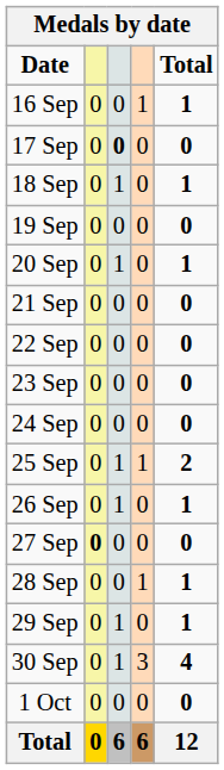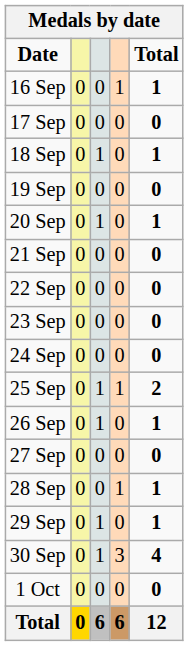 <table class="wikitable" style="font-size:85%; float:right">
 <tr bgcolor="#efefef">
 <th colspan=6>Medals by date</th>
 </tr>
 <tr align=center>
 <td><strong>Date</strong></td>
 <td bgcolor=#f7f6a8></td>
 <td bgcolor=#dce5e5></td>
 <td bgcolor=#ffdab9></td>
 <td><strong>Total</strong></td>
 </tr>
 <tr align=center>
 <td>16 Sep</td>
 <td style="background:#F7F6A8;">0</td>
 <td style="background:#DCE5E5;">0</td>
 <td style="background:#FFDAB9;">1</td>
 <td><strong>1</strong></td>
 </tr>
 <tr align=center>
 <td>17 Sep</td>
 <td style="background:#F7F6A8;">0</td>
-<td style="background:#DCE5E5;"><strong>0</strong></td>
+<td style="background:#DCE5E5;">0</td>
 <td style="background:#FFDAB9;">0</td>
 <td><strong>0</strong></td>
 </tr>
 <tr align=center>
 <td>18 Sep</td>
 <td style="background:#F7F6A8;">0</td>
 <td style="background:#DCE5E5;">1</td>
 <td style="background:#FFDAB9;">0</td>
 <td><strong>1</strong></td>
 </tr>
 <tr align=center>
 <td>19 Sep</td>
 <td style="background:#F7F6A8;">0</td>
 <td style="background:#DCE5E5;">0</td>
 <td style="background:#FFDAB9;">0</td>
 <td><strong>0</strong></td>
 </tr>
 <tr align=center>
 <td>20 Sep</td>
 <td style="background:#F7F6A8;">0</td>
 <td style="background:#DCE5E5;">1</td>
 <td style="background:#FFDAB9;">0</td>
 <td><strong>1</strong></td>
 </tr>
 <tr align=center>
 <td>21 Sep</td>
 <td style="background:#F7F6A8;">0</td>
 <td style="background:#DCE5E5;">0</td>
 <td style="background:#FFDAB9;">0</td>
 <td><strong>0</strong></td>
 </tr>
 <tr align=center>
 <td>22 Sep</td>
 <td style="background:#F7F6A8;">0</td>
 <td style="background:#DCE5E5;">0</td>
 <td style="background:#FFDAB9;">0</td>
 <td><strong>0</strong></td>
 </tr>
 <tr align=center>
 <td>23 Sep</td>
 <td style="background:#F7F6A8;">0</td>
 <td style="background:#DCE5E5;">0</td>
 <td style="background:#FFDAB9;">0</td>
 <td><strong>0</strong></td>
 </tr>
 <tr align=center>
 <td>24 Sep</td>
 <td style="background:#F7F6A8;">0</td>
 <td style="background:#DCE5E5;">0</td>
 <td style="background:#FFDAB9;">0</td>
 <td><strong>0</strong></td>
 </tr>
 <tr align=center>
 <td>25 Sep</td>
 <td style="background:#F7F6A8;">0</td>
 <td style="background:#DCE5E5;">1</td>
 <td style="background:#FFDAB9;">1</td>
 <td><strong>2</strong></td>
 </tr>
 <tr align=center>
 <td>26 Sep</td>
 <td style="background:#F7F6A8;">0</td>
 <td style="background:#DCE5E5;">1</td>
 <td style="background:#FFDAB9;">0</td>
 <td><strong>1</strong></td>
 </tr>
 <tr align=center>
 <td>27 Sep</td>
-<td style="background:#F7F6A8;"><strong>0</strong></td>
+<td style="background:#F7F6A8;">0</td>
 <td style="background:#DCE5E5;">0</td>
 <td style="background:#FFDAB9;">0</td>
 <td><strong>0</strong></td>
 </tr>
 <tr align=center>
 <td>28 Sep</td>
 <td style="background:#F7F6A8;">0</td>
 <td style="background:#DCE5E5;">0</td>
 <td style="background:#FFDAB9;">1</td>
 <td><strong>1</strong></td>
 </tr>
 <tr align=center>
 <td>29 Sep</td>
 <td style="background:#F7F6A8;">0</td>
 <td style="background:#DCE5E5;">1</td>
 <td style="background:#FFDAB9;">0</td>
 <td><strong>1</strong></td>
 </tr>
 <tr align=center>
 <td>30 Sep</td>
 <td style="background:#F7F6A8;">0</td>
 <td style="background:#DCE5E5;">1</td>
 <td style="background:#FFDAB9;">3</td>
 <td><strong>4</strong></td>
 </tr>
 <tr align=center>
 <td>1 Oct</td>
 <td style="background:#F7F6A8;">0</td>
 <td style="background:#DCE5E5;">0</td>
 <td style="background:#FFDAB9;">0</td>
 <td><strong>0</strong></td>
 </tr>
 <tr align=center>
 <th>Total</th>
 <th style="background:gold;">0</th>
 <th style="background:silver;">6</th>
 <th style="background:#c96;">6</th>
 <th>12</th>
 </tr>
 </table>
